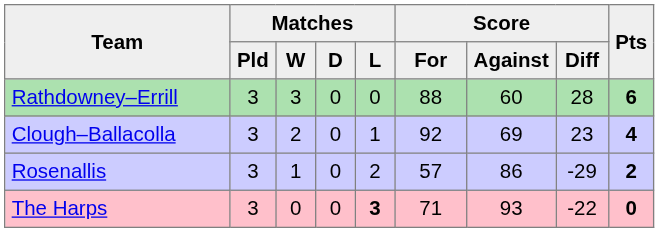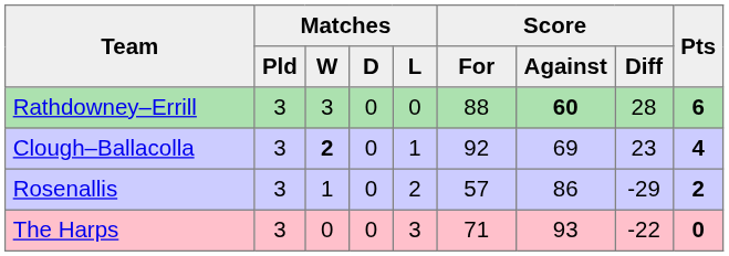 <table style=border-collapse:collapse border=1 cellspacing=0 cellpadding=5>
 <tr align=center bgcolor=#efefef>
 <th rowspan=2 width=165>Team</th>
 <th colspan=4>Matches</th>
 <th colspan=3>Score</th>
 <th rowspan=2width=20>Pts</th>
 </tr>
 <tr align=center bgcolor=#efefef>
 <th width=20>Pld</th>
 <th width=20>W</th>
 <th width=20>D</th>
 <th width=20>L</th>
 <th width=45>For</th>
 <th width=45>Against</th>
 <th width=30>Diff</th>
 </tr>
 <tr align=center style="background:#ACE1AF;">
 <td style="text-align:left;"><a href='#'>Rathdowney–Errill</a></td>
 <td>3</td>
 <td>3</td>
 <td>0</td>
 <td>0</td>
 <td>88</td>
-<td>60</td>
+<td><strong>60</strong></td>
 <td>28</td>
 <td><strong>6</strong></td>
 </tr>
 <tr align=center style="background:#ccccff;">
 <td style="text-align:left;"><a href='#'>Clough–Ballacolla</a></td>
 <td>3</td>
-<td>2</td>
+<td><strong>2</strong></td>
 <td>0</td>
 <td>1</td>
 <td>92</td>
 <td>69</td>
 <td>23</td>
 <td><strong>4</strong></td>
 </tr>
 <tr align=center  style="background:#ccccff;">
 <td style="text-align:left;"><a href='#'>Rosenallis</a></td>
 <td>3</td>
 <td>1</td>
 <td>0</td>
 <td>2</td>
 <td>57</td>
 <td>86</td>
 <td>-29</td>
 <td><strong>2</strong></td>
 </tr>
 <tr align=center style="background:#FFC0CB;">
 <td style="text-align:left;"><a href='#'>The Harps</a></td>
 <td>3</td>
 <td>0</td>
 <td>0</td>
-<td><strong>3</strong></td>
+<td>3</td>
 <td>71</td>
 <td>93</td>
 <td>-22</td>
 <td><strong>0</strong></td>
 </tr>
 </table>
